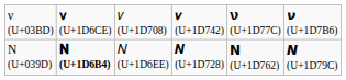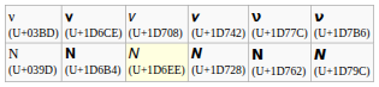 <table class="wikitable">
 <tr>
 <td>ν<br><small>(U+03BD)</small></td>
 <td>𝛎<br><small>(U+1D6CE)</small></td>
 <td>𝜈<br><small>(U+1D708)</small></td>
 <td>𝝂<br><small>(U+1D742)</small></td>
 <td>𝝼<br><small>(U+1D77C)</small></td>
 <td>𝞶<br><small>(U+1D7B6)</small></td>
 </tr>
 <tr>
 <td>Ν<br><small>(U+039D)</small></td>
-<td><strong>𝚴<br><small>(U+1D6B4)</small></strong></td>
-<td>𝛮<br><small>(U+1D6EE)</small></td>
+<td>𝚴<br><small>(U+1D6B4)</small></td>
+<td style="background: lightyellow;">𝛮<br><small>(U+1D6EE)</small></td>
 <td>𝜨<br><small>(U+1D728)</small></td>
 <td>𝝢<br><small>(U+1D762)</small></td>
 <td>𝞜<br><small>(U+1D79C)</small></td>
 </tr>
 </table>
